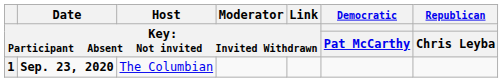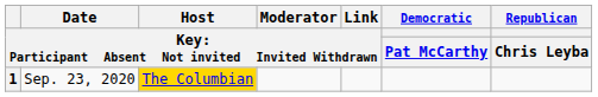 <table class="wikitable" style="text-align:center;">
 <tr>
 <th scope="col"></th>
 <th scope="col">Date</th>
 <th scope="col">Host</th>
 <th scope="col">Moderator</th>
 <th scope="col">Link</th>
 <th scope="col"><small><a href='#'>Democratic</a></small></th>
 <th scope="col"><small><a href='#'>Republican</a></small></th>
 </tr>
 <tr>
 <th colspan="5" rowspan="2">Key:<br> <small>Participant </small>  <small>Absent </small>  <small>Not invited </small>  <small>Invited  Withdrawn</small></th>
 <th scope="col" style="background:"></th>
 <th scope="col" style="background:"></th>
 </tr>
 <tr>
 <th scope="col"><a href='#'>Pat McCarthy</a></th>
 <th scope="col">Chris Leyba</th>
 </tr>
 <tr>
 <th>1</th>
-<td style="white-space:nowrap;"><strong>Sep. 23, 2020</strong></td>
-<td style="white-space:nowrap;"><a href='#'>The Columbian</a></td>
+<td style="white-space:nowrap;">Sep. 23, 2020</td>
+<td style="background: gold; white-space:nowrap;"><a href='#'>The Columbian</a></td>
 <td style="white-space:nowrap;"></td>
 <td style="white-space:nowrap;"></td>
 <td></td>
 <td></td>
 </tr>
 </table>
